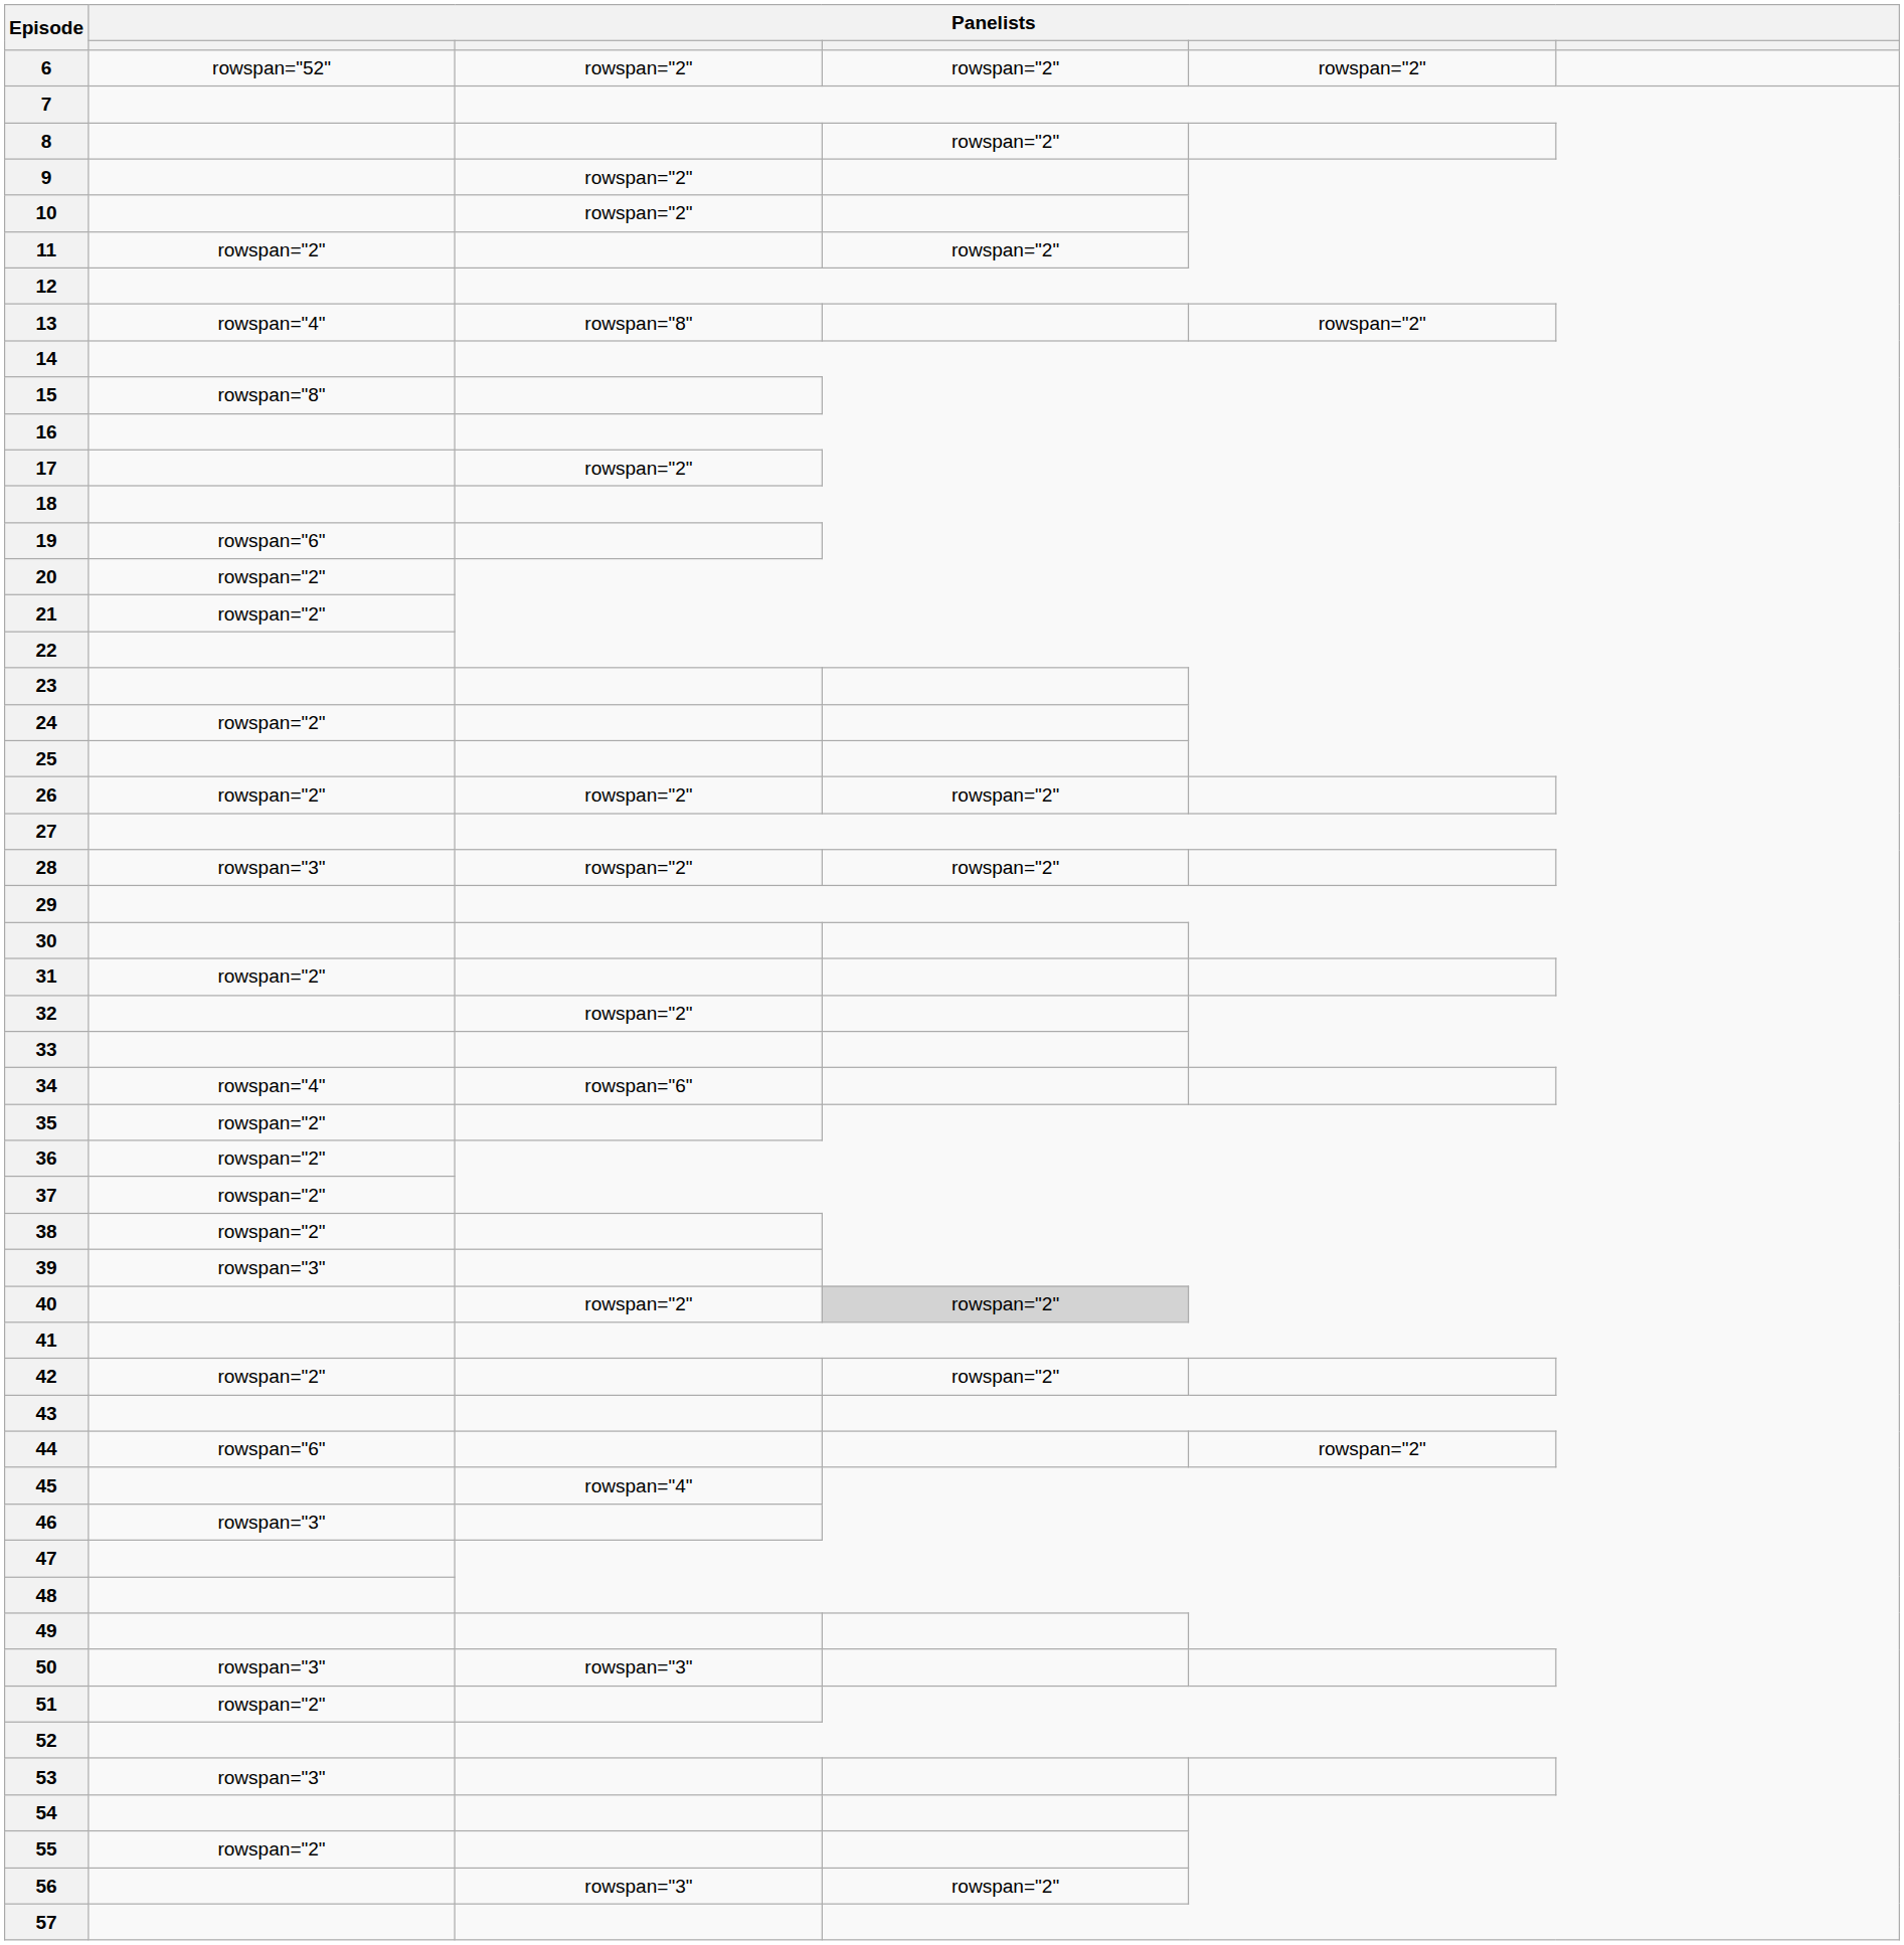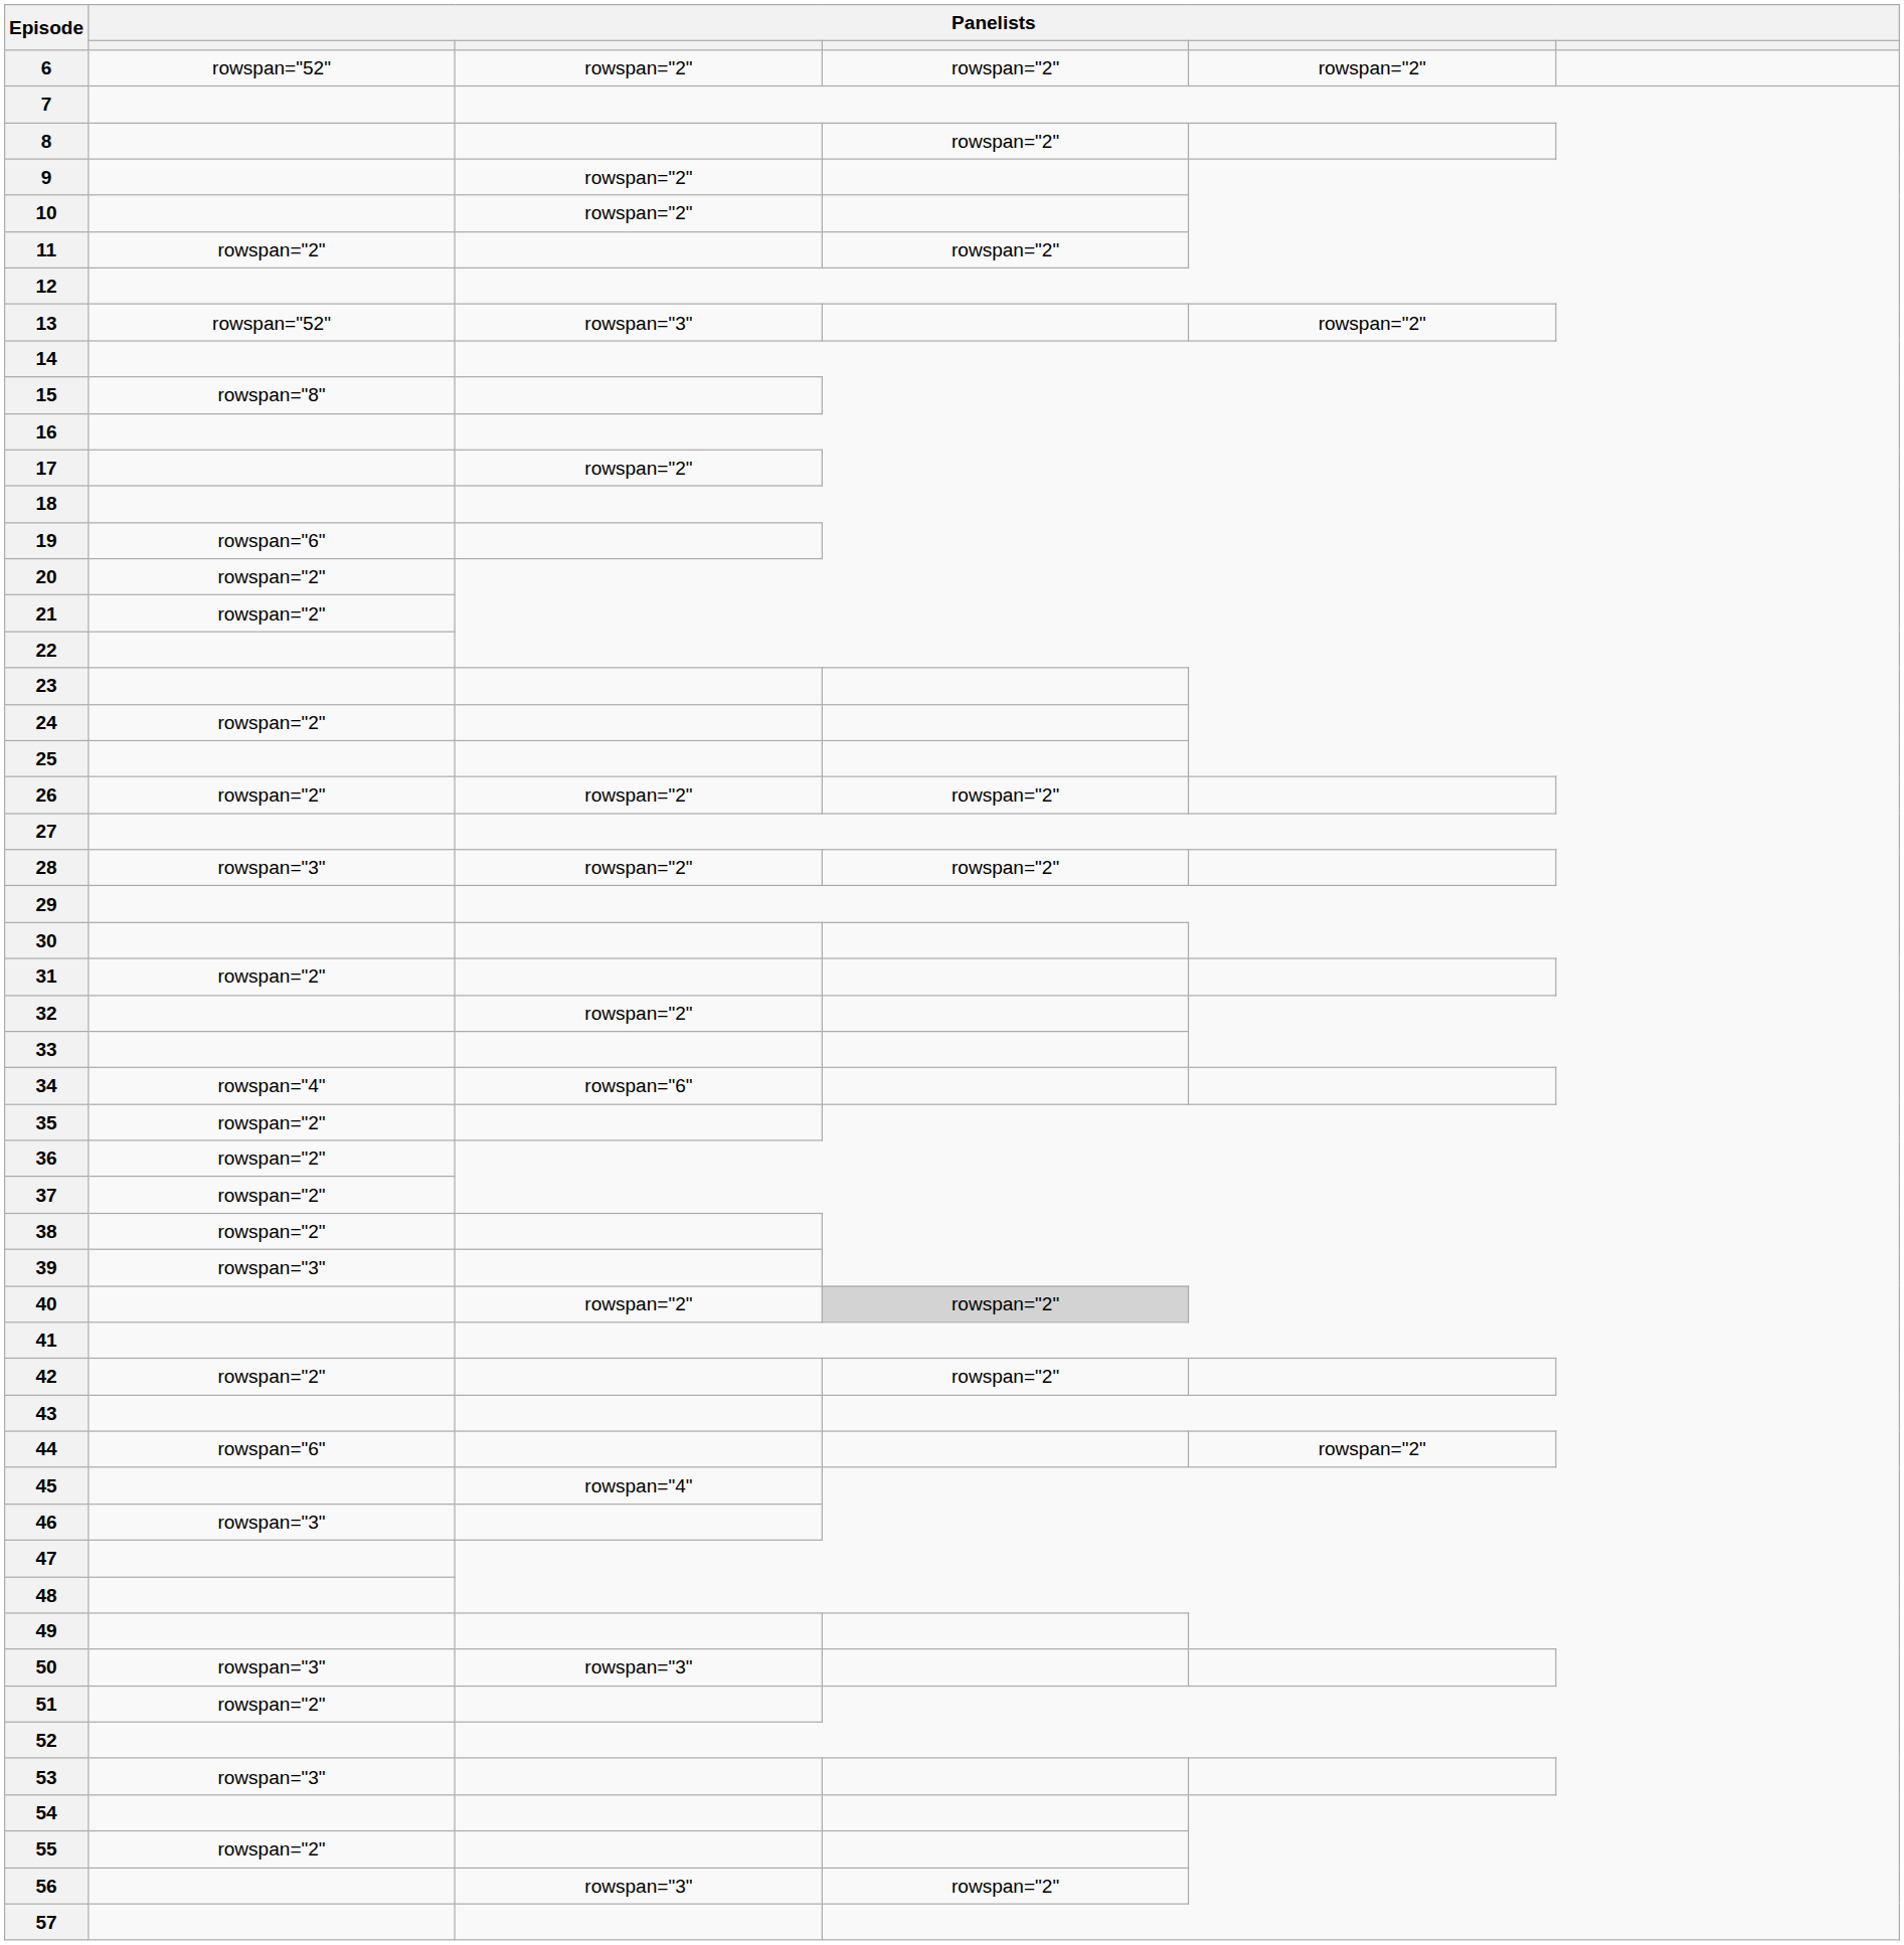 <table class="wikitable plainrowheaders mw-collapsible" style="text-align:center; line-height:23px; width:100%;">
 <tr>
 <th rowspan="2" width="1%">Episode</th>
 <th colspan="5">Panelists</th>
 </tr>
 <tr>
 <th width="20%"></th>
 <th width="20%"></th>
 <th width="20%"></th>
 <th width="20%"></th>
 <th width="20%"></th>
 </tr>
 <tr>
 <th>6</th>
 <td>rowspan="52" </td>
 <td>rowspan="2" </td>
 <td>rowspan="2" </td>
 <td>rowspan="2" </td>
 <td></td>
 </tr>
 <tr>
 <th>7</th>
 <td></td>
 </tr>
 <tr>
 <th>8</th>
 <td></td>
 <td></td>
 <td>rowspan="2" </td>
 <td></td>
 </tr>
 <tr>
 <th>9</th>
 <td></td>
 <td>rowspan="2" </td>
 <td></td>
 </tr>
 <tr>
 <th>10</th>
 <td></td>
 <td>rowspan="2" </td>
 <td></td>
 </tr>
 <tr>
 <th>11</th>
 <td>rowspan="2" </td>
 <td></td>
 <td>rowspan="2" </td>
 </tr>
 <tr>
 <th>12</th>
 <td></td>
 </tr>
 <tr>
 <th>13</th>
-<td>rowspan="4" </td>
-<td>rowspan="8" </td>
+<td>rowspan="52" </td>
+<td>rowspan="3" </td>
 <td></td>
 <td>rowspan="2" </td>
 </tr>
 <tr>
 <th>14</th>
 <td></td>
 </tr>
 <tr>
 <th>15</th>
 <td>rowspan="8" </td>
 <td></td>
 </tr>
 <tr>
 <th>16</th>
 <td></td>
 </tr>
 <tr>
 <th>17</th>
 <td></td>
 <td>rowspan="2" </td>
 </tr>
 <tr>
 <th>18</th>
 <td></td>
 </tr>
 <tr>
 <th>19</th>
 <td>rowspan="6" </td>
 <td></td>
 </tr>
 <tr>
 <th>20</th>
 <td>rowspan="2" </td>
 </tr>
 <tr>
 <th>21</th>
 <td>rowspan="2" </td>
 </tr>
 <tr>
 <th>22</th>
 <td></td>
 </tr>
 <tr>
 <th>23</th>
 <td></td>
 <td></td>
 <td></td>
 </tr>
 <tr>
 <th>24</th>
 <td>rowspan="2"</td>
 <td></td>
 <td></td>
 </tr>
 <tr>
 <th>25</th>
 <td></td>
 <td></td>
 <td></td>
 </tr>
 <tr>
 <th>26</th>
 <td>rowspan="2"</td>
 <td>rowspan="2"</td>
 <td>rowspan="2"</td>
 <td></td>
 </tr>
 <tr>
 <th>27</th>
 <td></td>
 </tr>
 <tr>
 <th>28</th>
 <td>rowspan="3"</td>
 <td>rowspan="2"</td>
 <td>rowspan="2"</td>
 <td></td>
 </tr>
 <tr>
 <th>29</th>
 <td></td>
 </tr>
 <tr>
 <th>30</th>
 <td></td>
 <td></td>
 <td></td>
 </tr>
 <tr>
 <th>31</th>
 <td>rowspan="2" </td>
 <td></td>
 <td></td>
 <td></td>
 </tr>
 <tr>
 <th>32</th>
 <td></td>
 <td>rowspan="2" </td>
 <td></td>
 </tr>
 <tr>
 <th>33</th>
 <td></td>
 <td></td>
 <td></td>
 </tr>
 <tr>
 <th>34</th>
 <td>rowspan="4" </td>
 <td>rowspan="6" </td>
 <td></td>
 <td></td>
 </tr>
 <tr>
 <th>35</th>
 <td>rowspan="2" </td>
 <td></td>
 </tr>
 <tr>
 <th>36</th>
 <td>rowspan="2" </td>
 </tr>
 <tr>
 <th>37</th>
 <td>rowspan="2" </td>
 </tr>
 <tr>
 <th>38</th>
 <td>rowspan="2" </td>
 <td></td>
 </tr>
 <tr>
 <th>39</th>
 <td>rowspan="3" </td>
 <td></td>
 </tr>
 <tr>
 <th>40</th>
 <td></td>
 <td>rowspan="2" </td>
 <td style="background: lightgrey;">rowspan="2" </td>
 </tr>
 <tr>
 <th>41</th>
 <td></td>
 </tr>
 <tr>
 <th>42</th>
 <td>rowspan="2" </td>
 <td></td>
 <td>rowspan="2" </td>
 <td></td>
 </tr>
 <tr>
 <th>43</th>
 <td></td>
 <td></td>
 </tr>
 <tr>
 <th>44</th>
 <td>rowspan="6" </td>
 <td></td>
 <td></td>
 <td>rowspan="2" </td>
 </tr>
 <tr>
 <th>45</th>
 <td></td>
 <td>rowspan="4" </td>
 </tr>
 <tr>
 <th>46</th>
 <td>rowspan="3" </td>
 <td></td>
 </tr>
 <tr>
 <th>47</th>
 <td></td>
 </tr>
 <tr>
 <th>48</th>
 <td></td>
 </tr>
 <tr>
 <th>49</th>
 <td></td>
 <td></td>
 <td></td>
 </tr>
 <tr>
 <th>50</th>
 <td>rowspan="3" </td>
 <td>rowspan="3" </td>
 <td></td>
 <td></td>
 </tr>
 <tr>
 <th>51</th>
 <td>rowspan="2" </td>
 <td></td>
 </tr>
 <tr>
 <th>52</th>
 <td></td>
 </tr>
 <tr>
 <th>53</th>
 <td>rowspan="3" </td>
 <td></td>
 <td></td>
 <td></td>
 </tr>
 <tr>
 <th>54</th>
 <td></td>
 <td></td>
 <td></td>
 </tr>
 <tr>
 <th>55</th>
 <td>rowspan="2" </td>
 <td></td>
 <td></td>
 </tr>
 <tr>
 <th>56</th>
 <td></td>
 <td>rowspan="3" </td>
 <td>rowspan="2" </td>
 </tr>
 <tr>
 <th>57</th>
 <td></td>
 <td></td>
 </tr>
 </table>
